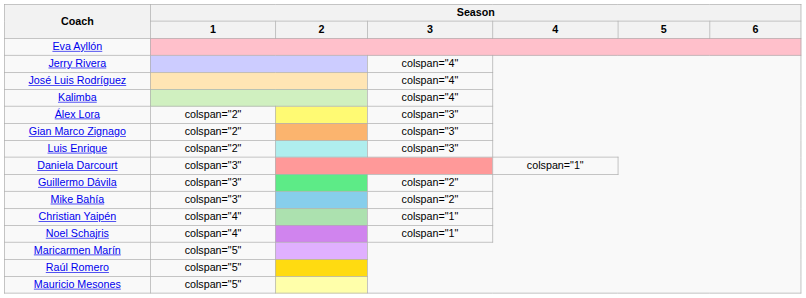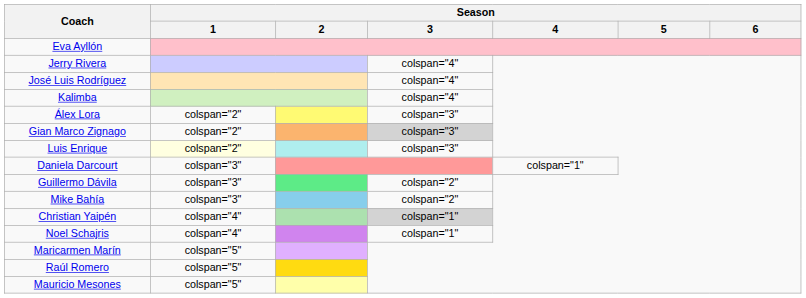 <table class="wikitable" style="width:60%; text-align:center">
 <tr>
 <th rowspan="2" width="100">Coach</th>
 <th colspan="6">Season</th>
 </tr>
 <tr>
 <th width="60">1</th>
 <th width="60">2</th>
 <th width="60">3</th>
 <th width="60">4</th>
 <th width="60">5</th>
 <th width="60">6</th>
 </tr>
 <tr>
 <td><a href='#'>Eva Ayllón</a></td>
 <td colspan="6" style="background:pink"></td>
 </tr>
 <tr>
 <td><a href='#'>Jerry Rivera</a></td>
 <td colspan="2" style="background:#ccccff"></td>
 <td>colspan="4" </td>
 </tr>
 <tr>
 <td><a href='#'>José Luis Rodríguez</a></td>
 <td colspan="2" style="background:#ffe5b4"></td>
 <td>colspan="4" </td>
 </tr>
 <tr>
 <td><a href='#'>Kalimba</a></td>
 <td colspan="2" style="background:#d0f0c0"></td>
 <td>colspan="4" </td>
 </tr>
 <tr>
 <td><a href='#'>Álex Lora</a></td>
 <td>colspan="2" </td>
 <td style="background:#fffa73"></td>
 <td>colspan="3" </td>
 </tr>
 <tr>
 <td><a href='#'>Gian Marco Zignago</a></td>
 <td>colspan="2" </td>
 <td style="background:#fbb46e"></td>
-<td>colspan="3" </td>
+<td style="background: lightgrey;">colspan="3" </td>
 </tr>
 <tr>
 <td><a href='#'>Luis Enrique</a></td>
-<td>colspan="2" </td>
+<td style="background: lightyellow;">colspan="2" </td>
 <td style="background:#afeeee"></td>
 <td>colspan="3" </td>
 </tr>
 <tr>
 <td><a href='#'>Daniela Darcourt</a></td>
 <td>colspan="3" </td>
 <td colspan="2" style="background:#ff9999"></td>
 <td>colspan="1" </td>
 </tr>
 <tr>
 <td><a href='#'>Guillermo Dávila</a></td>
 <td>colspan="3" </td>
 <td colspan="1" style="background:#5deb87"></td>
 <td>colspan="2" </td>
 </tr>
 <tr>
 <td><a href='#'>Mike Bahía</a></td>
 <td>colspan="3" </td>
 <td colspan="1" style="background:#87ceeb"></td>
 <td>colspan="2" </td>
 </tr>
 <tr>
 <td><a href='#'>Christian Yaipén</a></td>
 <td>colspan="4" </td>
 <td colspan="1" style="background:#ace1af"></td>
-<td>colspan="1" </td>
+<td style="background: lightgrey;">colspan="1" </td>
 </tr>
 <tr>
 <td><a href='#'>Noel Schajris</a></td>
 <td>colspan="4" </td>
 <td colspan="1" style="background:#d084ee"></td>
 <td>colspan="1" </td>
 </tr>
 <tr>
 <td><a href='#'>Maricarmen Marín</a></td>
 <td>colspan="5" </td>
 <td style="background:#E0B0FF"></td>
 </tr>
 <tr>
 <td><a href='#'>Raúl Romero</a></td>
 <td>colspan="5" </td>
 <td style="background:#ffdb11"></td>
 </tr>
 <tr>
 <td><a href='#'>Mauricio Mesones</a></td>
 <td>colspan="5" </td>
 <td colspan="1" style="background:#ffffaa"></td>
 </tr>
 </table>
